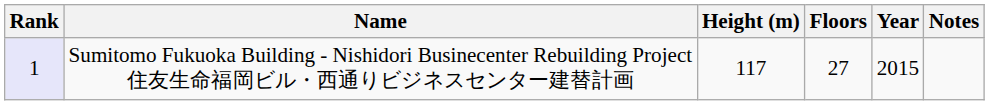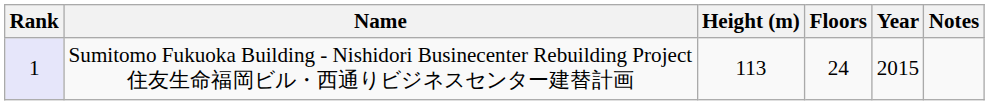 <table class="sortable wikitable" style="text-align:center">
 <tr>
 <th>Rank</th>
 <th>Name</th>
 <th>Height (m)</th>
 <th>Floors</th>
 <th>Year</th>
 <th class="unsortable">Notes</th>
 </tr>
 <tr>
 <td style="background: lavender;">1</td>
 <td>Sumitomo Fukuoka Building - Nishidori Businecenter Rebuilding Project<br>住友生命福岡ビル・西通りビジネスセンター建替計画</td>
-<td>117</td>
-<td>27</td>
+<td>113</td>
+<td>24</td>
 <td>2015</td>
 <td></td>
 </tr>
 </table>
